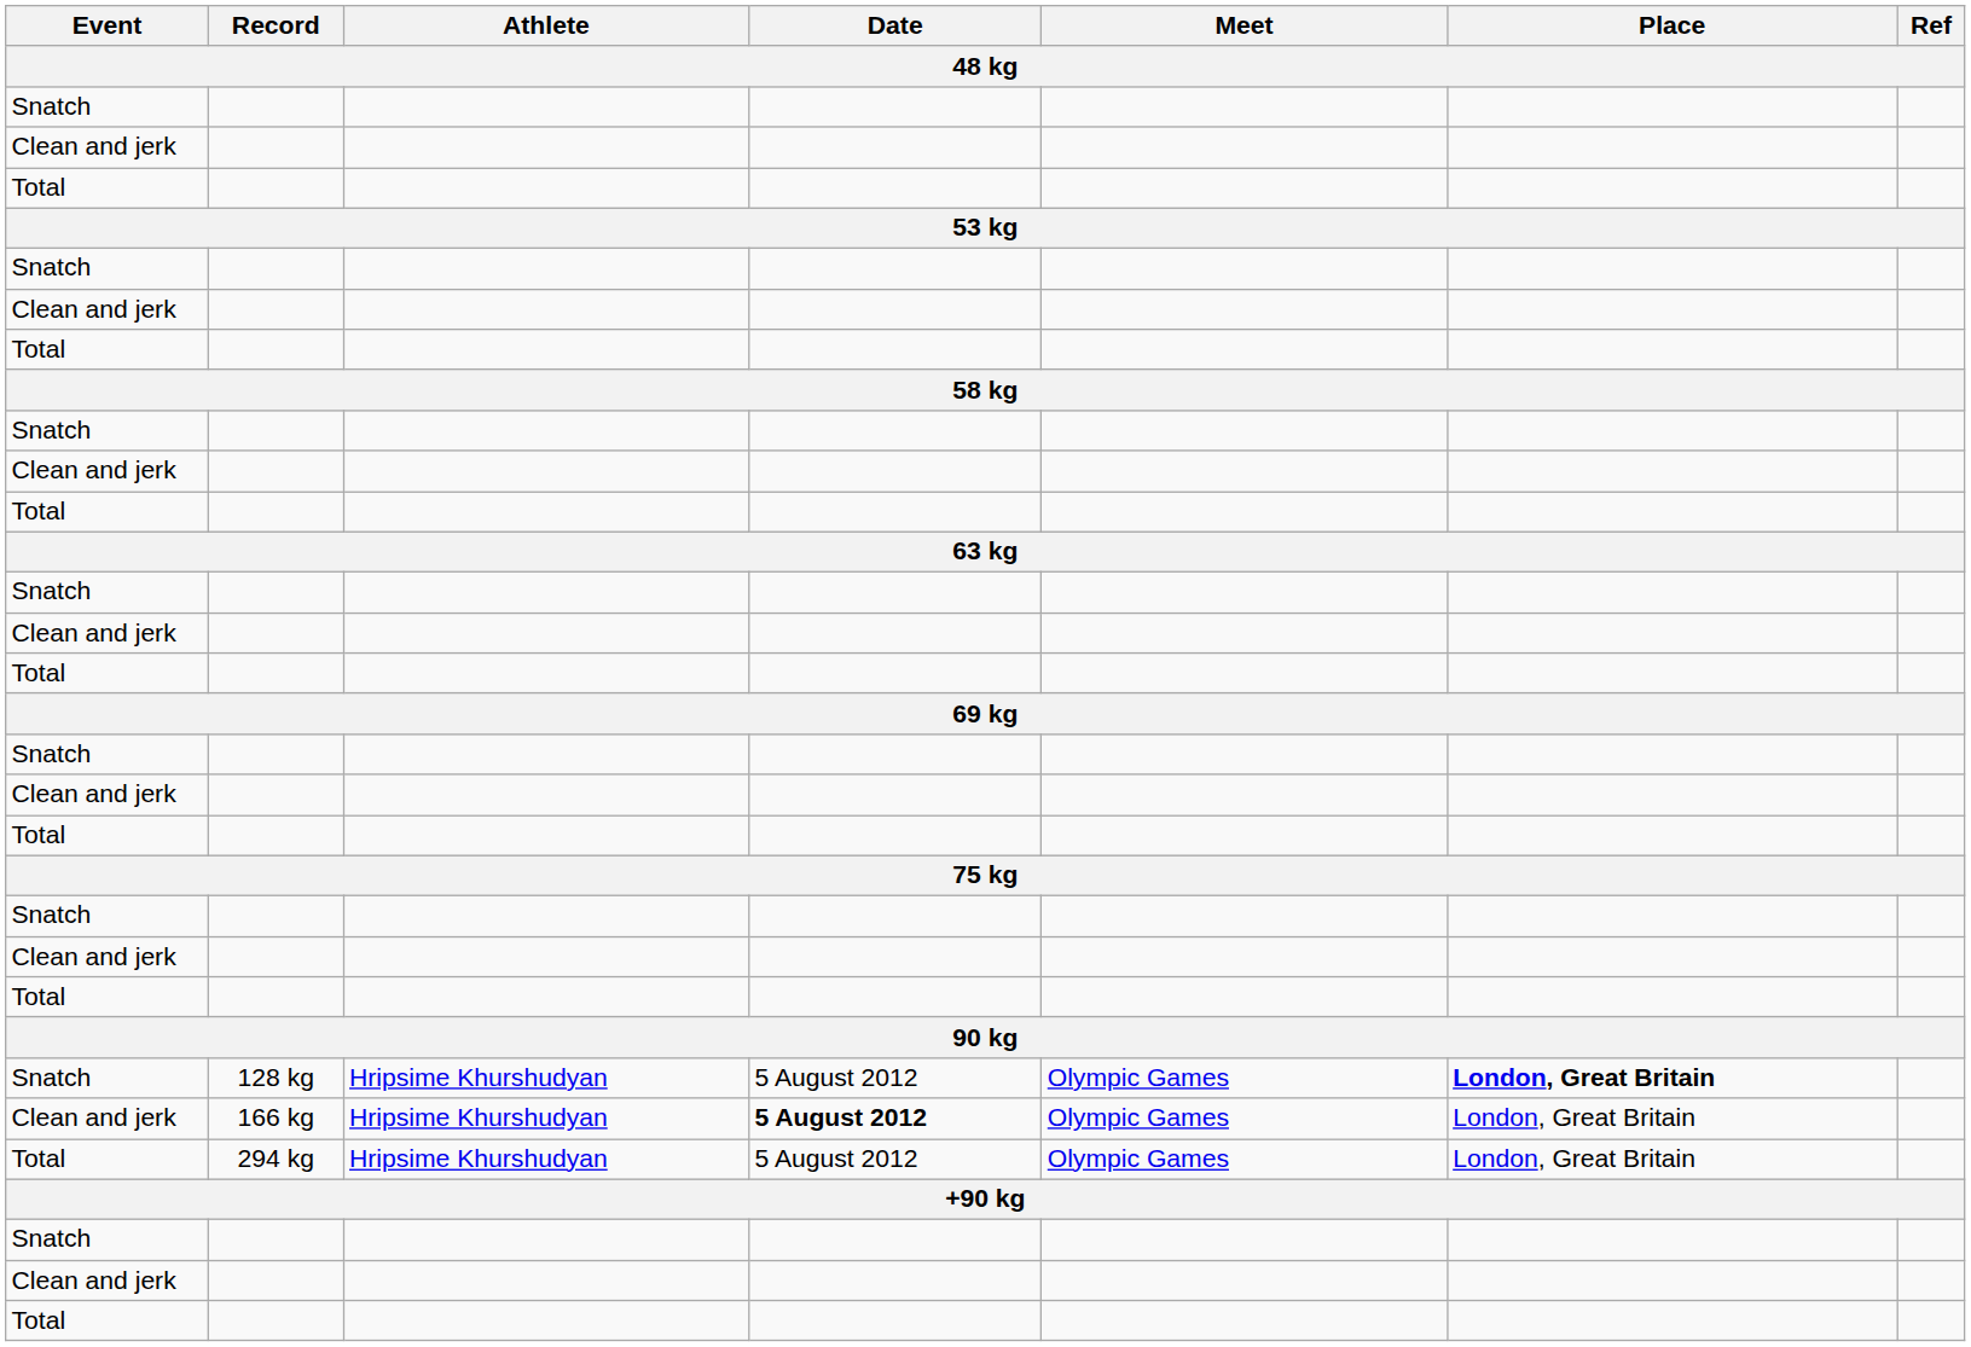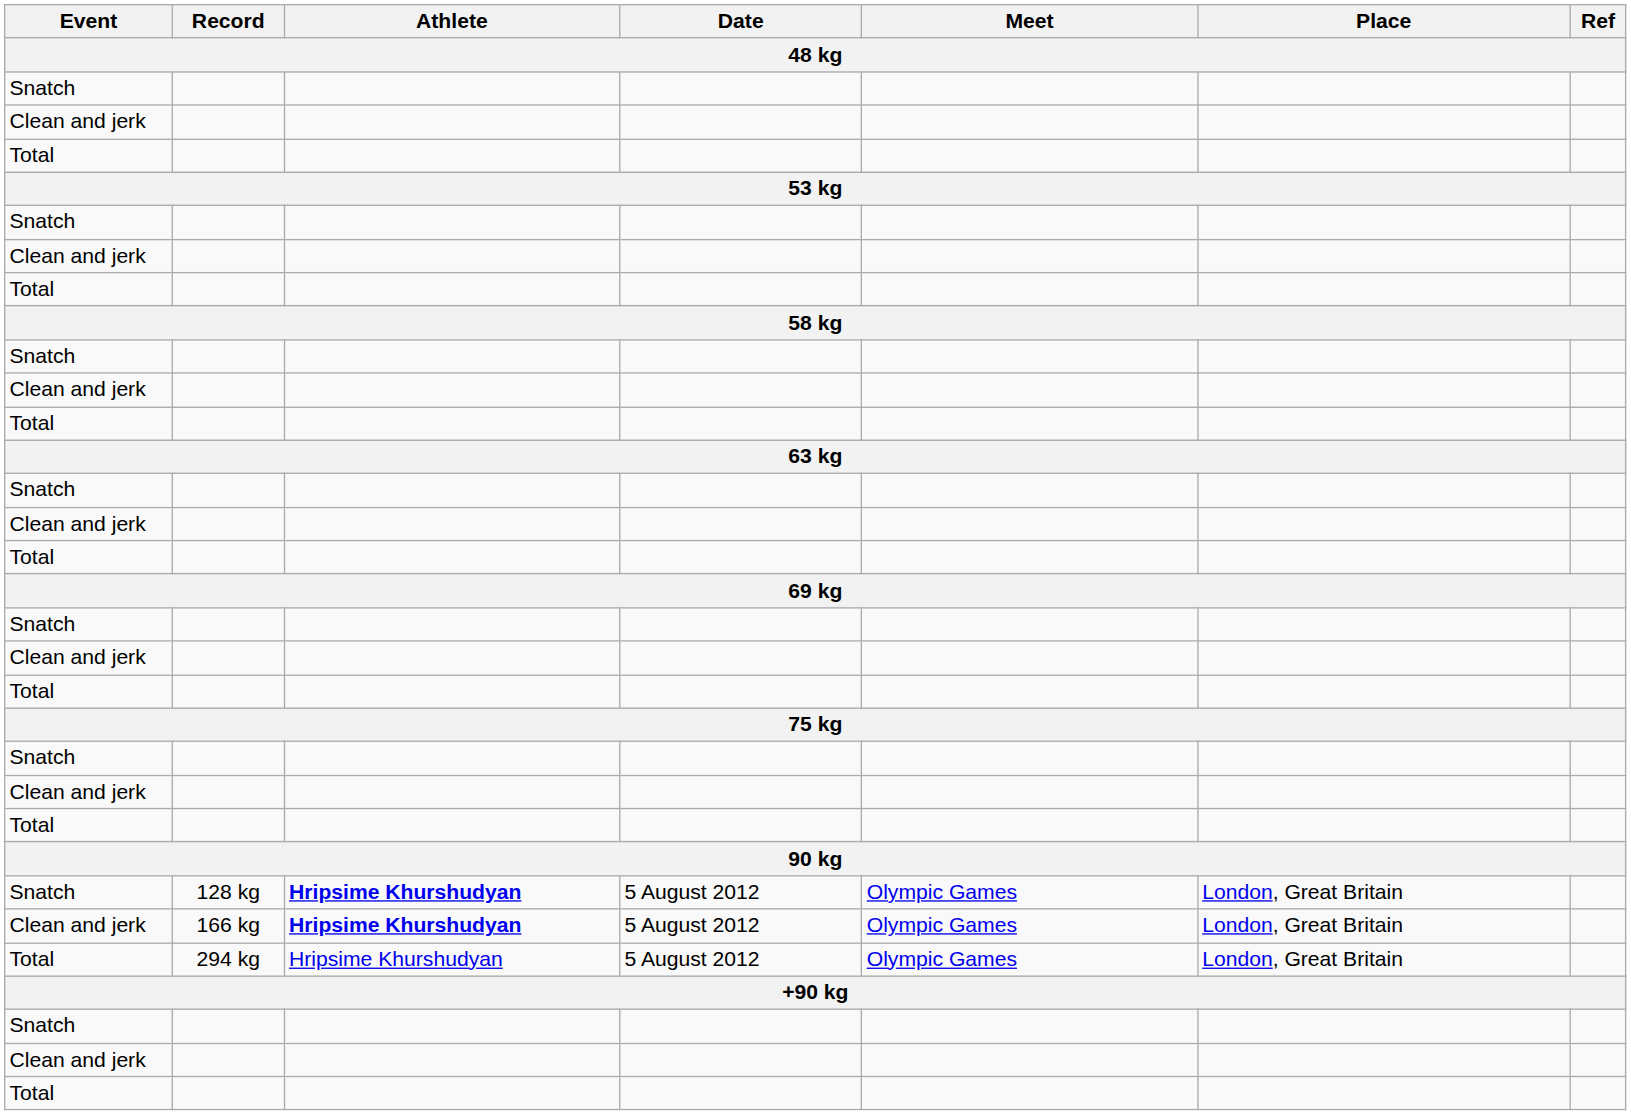 <table class="wikitable">
 <tr>
 <th width=9%>Event</th>
 <th width=6%>Record</th>
 <th width=18%>Athlete</th>
 <th width=13%>Date</th>
 <th width=18%>Meet</th>
 <th width=20%>Place</th>
 <th width=3%>Ref</th>
 </tr>
 <tr bgcolor="#DDDDDD">
 <th colspan="8">48 kg</th>
 </tr>
 <tr>
 <td>Snatch</td>
 <td></td>
 <td></td>
 <td></td>
 <td></td>
 <td></td>
 <td></td>
 </tr>
 <tr>
 <td>Clean and jerk</td>
 <td></td>
 <td></td>
 <td></td>
 <td></td>
 <td></td>
 <td></td>
 </tr>
 <tr>
 <td>Total</td>
 <td></td>
 <td></td>
 <td></td>
 <td></td>
 <td></td>
 <td></td>
 </tr>
 <tr bgcolor="#DDDDDD">
 <th colspan="8">53 kg</th>
 </tr>
 <tr>
 <td>Snatch</td>
 <td></td>
 <td></td>
 <td></td>
 <td></td>
 <td></td>
 <td></td>
 </tr>
 <tr>
 <td>Clean and jerk</td>
 <td></td>
 <td></td>
 <td></td>
 <td></td>
 <td></td>
 <td></td>
 </tr>
 <tr>
 <td>Total</td>
 <td></td>
 <td></td>
 <td></td>
 <td></td>
 <td></td>
 <td></td>
 </tr>
 <tr bgcolor="#DDDDDD">
 <th colspan="8">58 kg</th>
 </tr>
 <tr>
 <td>Snatch</td>
 <td></td>
 <td></td>
 <td></td>
 <td></td>
 <td></td>
 <td></td>
 </tr>
 <tr>
 <td>Clean and jerk</td>
 <td></td>
 <td></td>
 <td></td>
 <td></td>
 <td></td>
 <td></td>
 </tr>
 <tr>
 <td>Total</td>
 <td></td>
 <td></td>
 <td></td>
 <td></td>
 <td></td>
 <td></td>
 </tr>
 <tr bgcolor="#DDDDDD">
 <th colspan="8">63 kg</th>
 </tr>
 <tr>
 <td>Snatch</td>
 <td align="center"></td>
 <td></td>
 <td></td>
 <td></td>
 <td></td>
 <td></td>
 </tr>
 <tr>
 <td>Clean and jerk</td>
 <td align="center"></td>
 <td></td>
 <td></td>
 <td></td>
 <td></td>
 <td></td>
 </tr>
 <tr>
 <td>Total</td>
 <td align="center"></td>
 <td></td>
 <td></td>
 <td></td>
 <td></td>
 <td></td>
 </tr>
 <tr bgcolor="#DDDDDD">
 <th colspan="8">69 kg</th>
 </tr>
 <tr>
 <td>Snatch</td>
 <td></td>
 <td></td>
 <td></td>
 <td></td>
 <td></td>
 <td></td>
 </tr>
 <tr>
 <td>Clean and jerk</td>
 <td></td>
 <td></td>
 <td></td>
 <td></td>
 <td></td>
 <td></td>
 </tr>
 <tr>
 <td>Total</td>
 <td></td>
 <td></td>
 <td></td>
 <td></td>
 <td></td>
 <td></td>
 </tr>
 <tr bgcolor="#DDDDDD">
 <th colspan="8">75 kg</th>
 </tr>
 <tr>
 <td>Snatch</td>
 <td></td>
 <td></td>
 <td></td>
 <td></td>
 <td></td>
 <td></td>
 </tr>
 <tr>
 <td>Clean and jerk</td>
 <td></td>
 <td></td>
 <td></td>
 <td></td>
 <td></td>
 <td></td>
 </tr>
 <tr>
 <td>Total</td>
 <td></td>
 <td></td>
 <td></td>
 <td></td>
 <td></td>
 <td></td>
 </tr>
 <tr bgcolor="#DDDDDD">
 <th colspan="8">90 kg</th>
 </tr>
 <tr>
 <td>Snatch</td>
 <td align="center">128 kg</td>
-<td><a href='#'>Hripsime Khurshudyan</a></td>
+<td><strong><a href='#'>Hripsime Khurshudyan</a></strong></td>
 <td>5 August 2012</td>
 <td><a href='#'>Olympic Games</a></td>
-<td><strong><a href='#'>London</a>, Great Britain</strong></td>
+<td><a href='#'>London</a>, Great Britain</td>
 <td></td>
 </tr>
 <tr>
 <td>Clean and jerk</td>
 <td align="center">166 kg</td>
-<td><a href='#'>Hripsime Khurshudyan</a></td>
-<td><strong>5 August 2012</strong></td>
+<td><strong><a href='#'>Hripsime Khurshudyan</a></strong></td>
+<td>5 August 2012</td>
 <td><a href='#'>Olympic Games</a></td>
 <td><a href='#'>London</a>, Great Britain</td>
 <td></td>
 </tr>
 <tr>
 <td>Total</td>
 <td align="center">294 kg</td>
 <td><a href='#'>Hripsime Khurshudyan</a></td>
 <td>5 August 2012</td>
 <td><a href='#'>Olympic Games</a></td>
 <td><a href='#'>London</a>, Great Britain</td>
 <td></td>
 </tr>
 <tr bgcolor="#DDDDDD">
 <th colspan="8">+90 kg</th>
 </tr>
 <tr>
 <td>Snatch</td>
 <td></td>
 <td></td>
 <td></td>
 <td></td>
 <td></td>
 <td></td>
 </tr>
 <tr>
 <td>Clean and jerk</td>
 <td></td>
 <td></td>
 <td></td>
 <td></td>
 <td></td>
 <td></td>
 </tr>
 <tr>
 <td>Total</td>
 <td></td>
 <td></td>
 <td></td>
 <td></td>
 <td></td>
 <td></td>
 </tr>
 </table>
